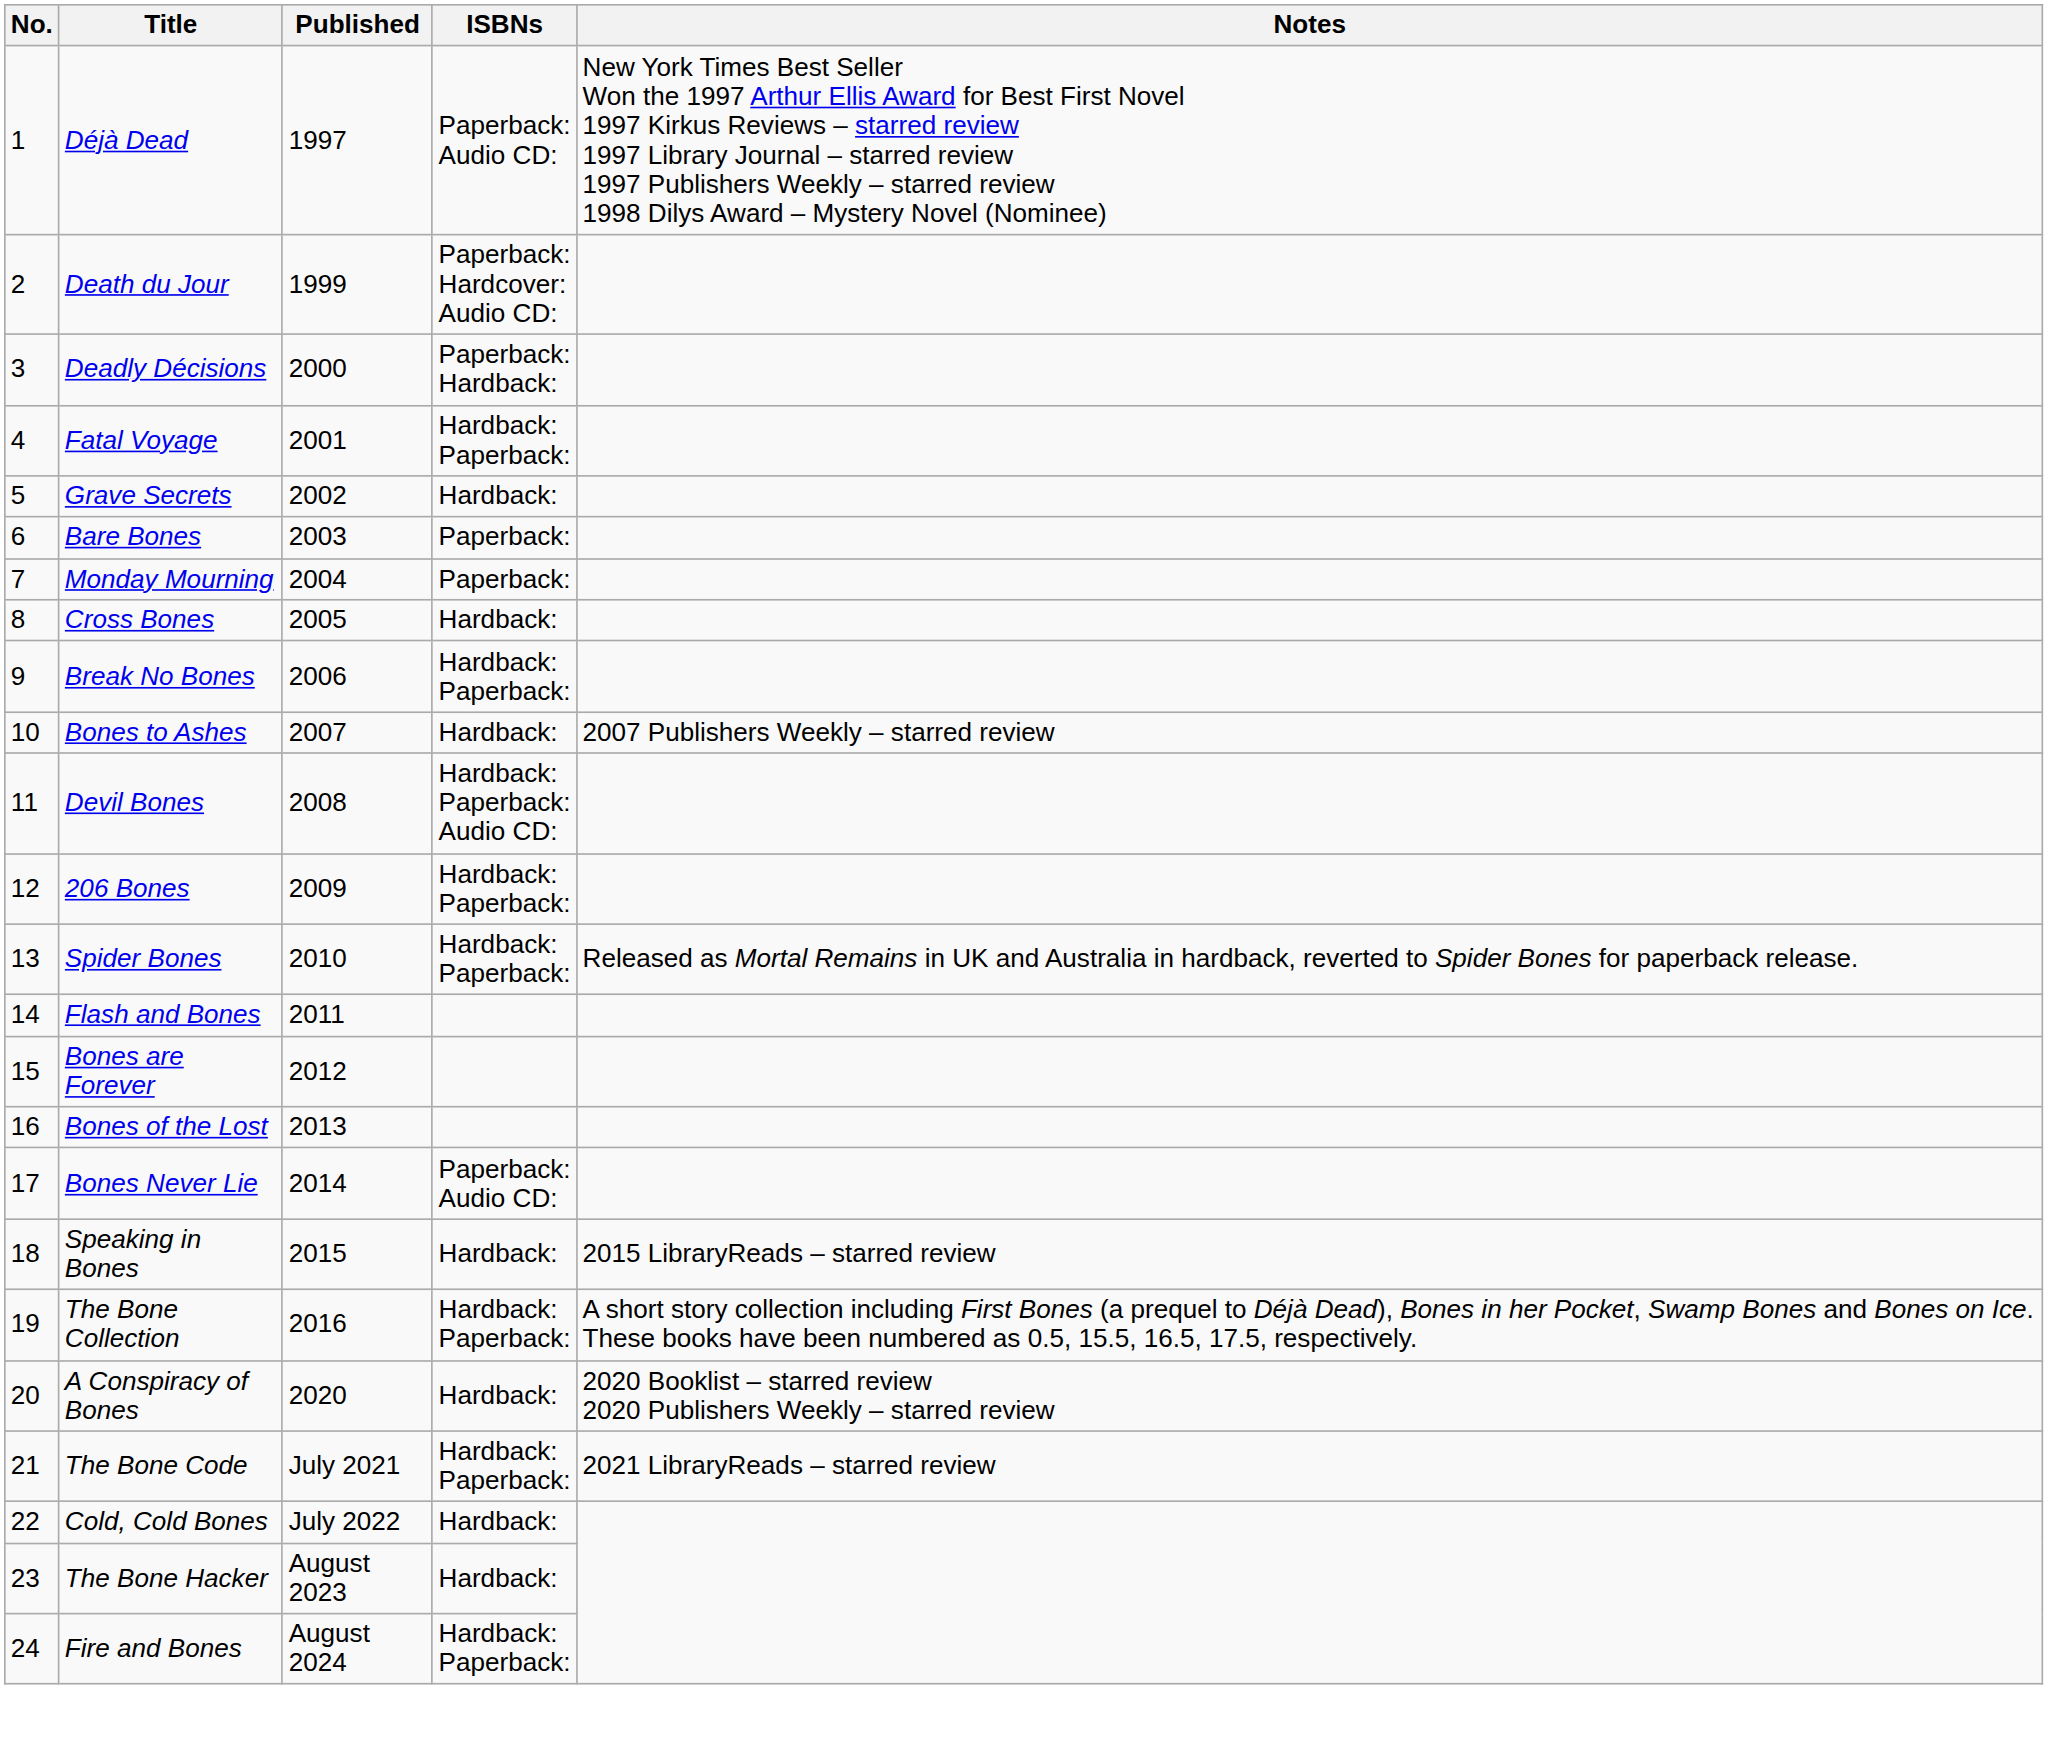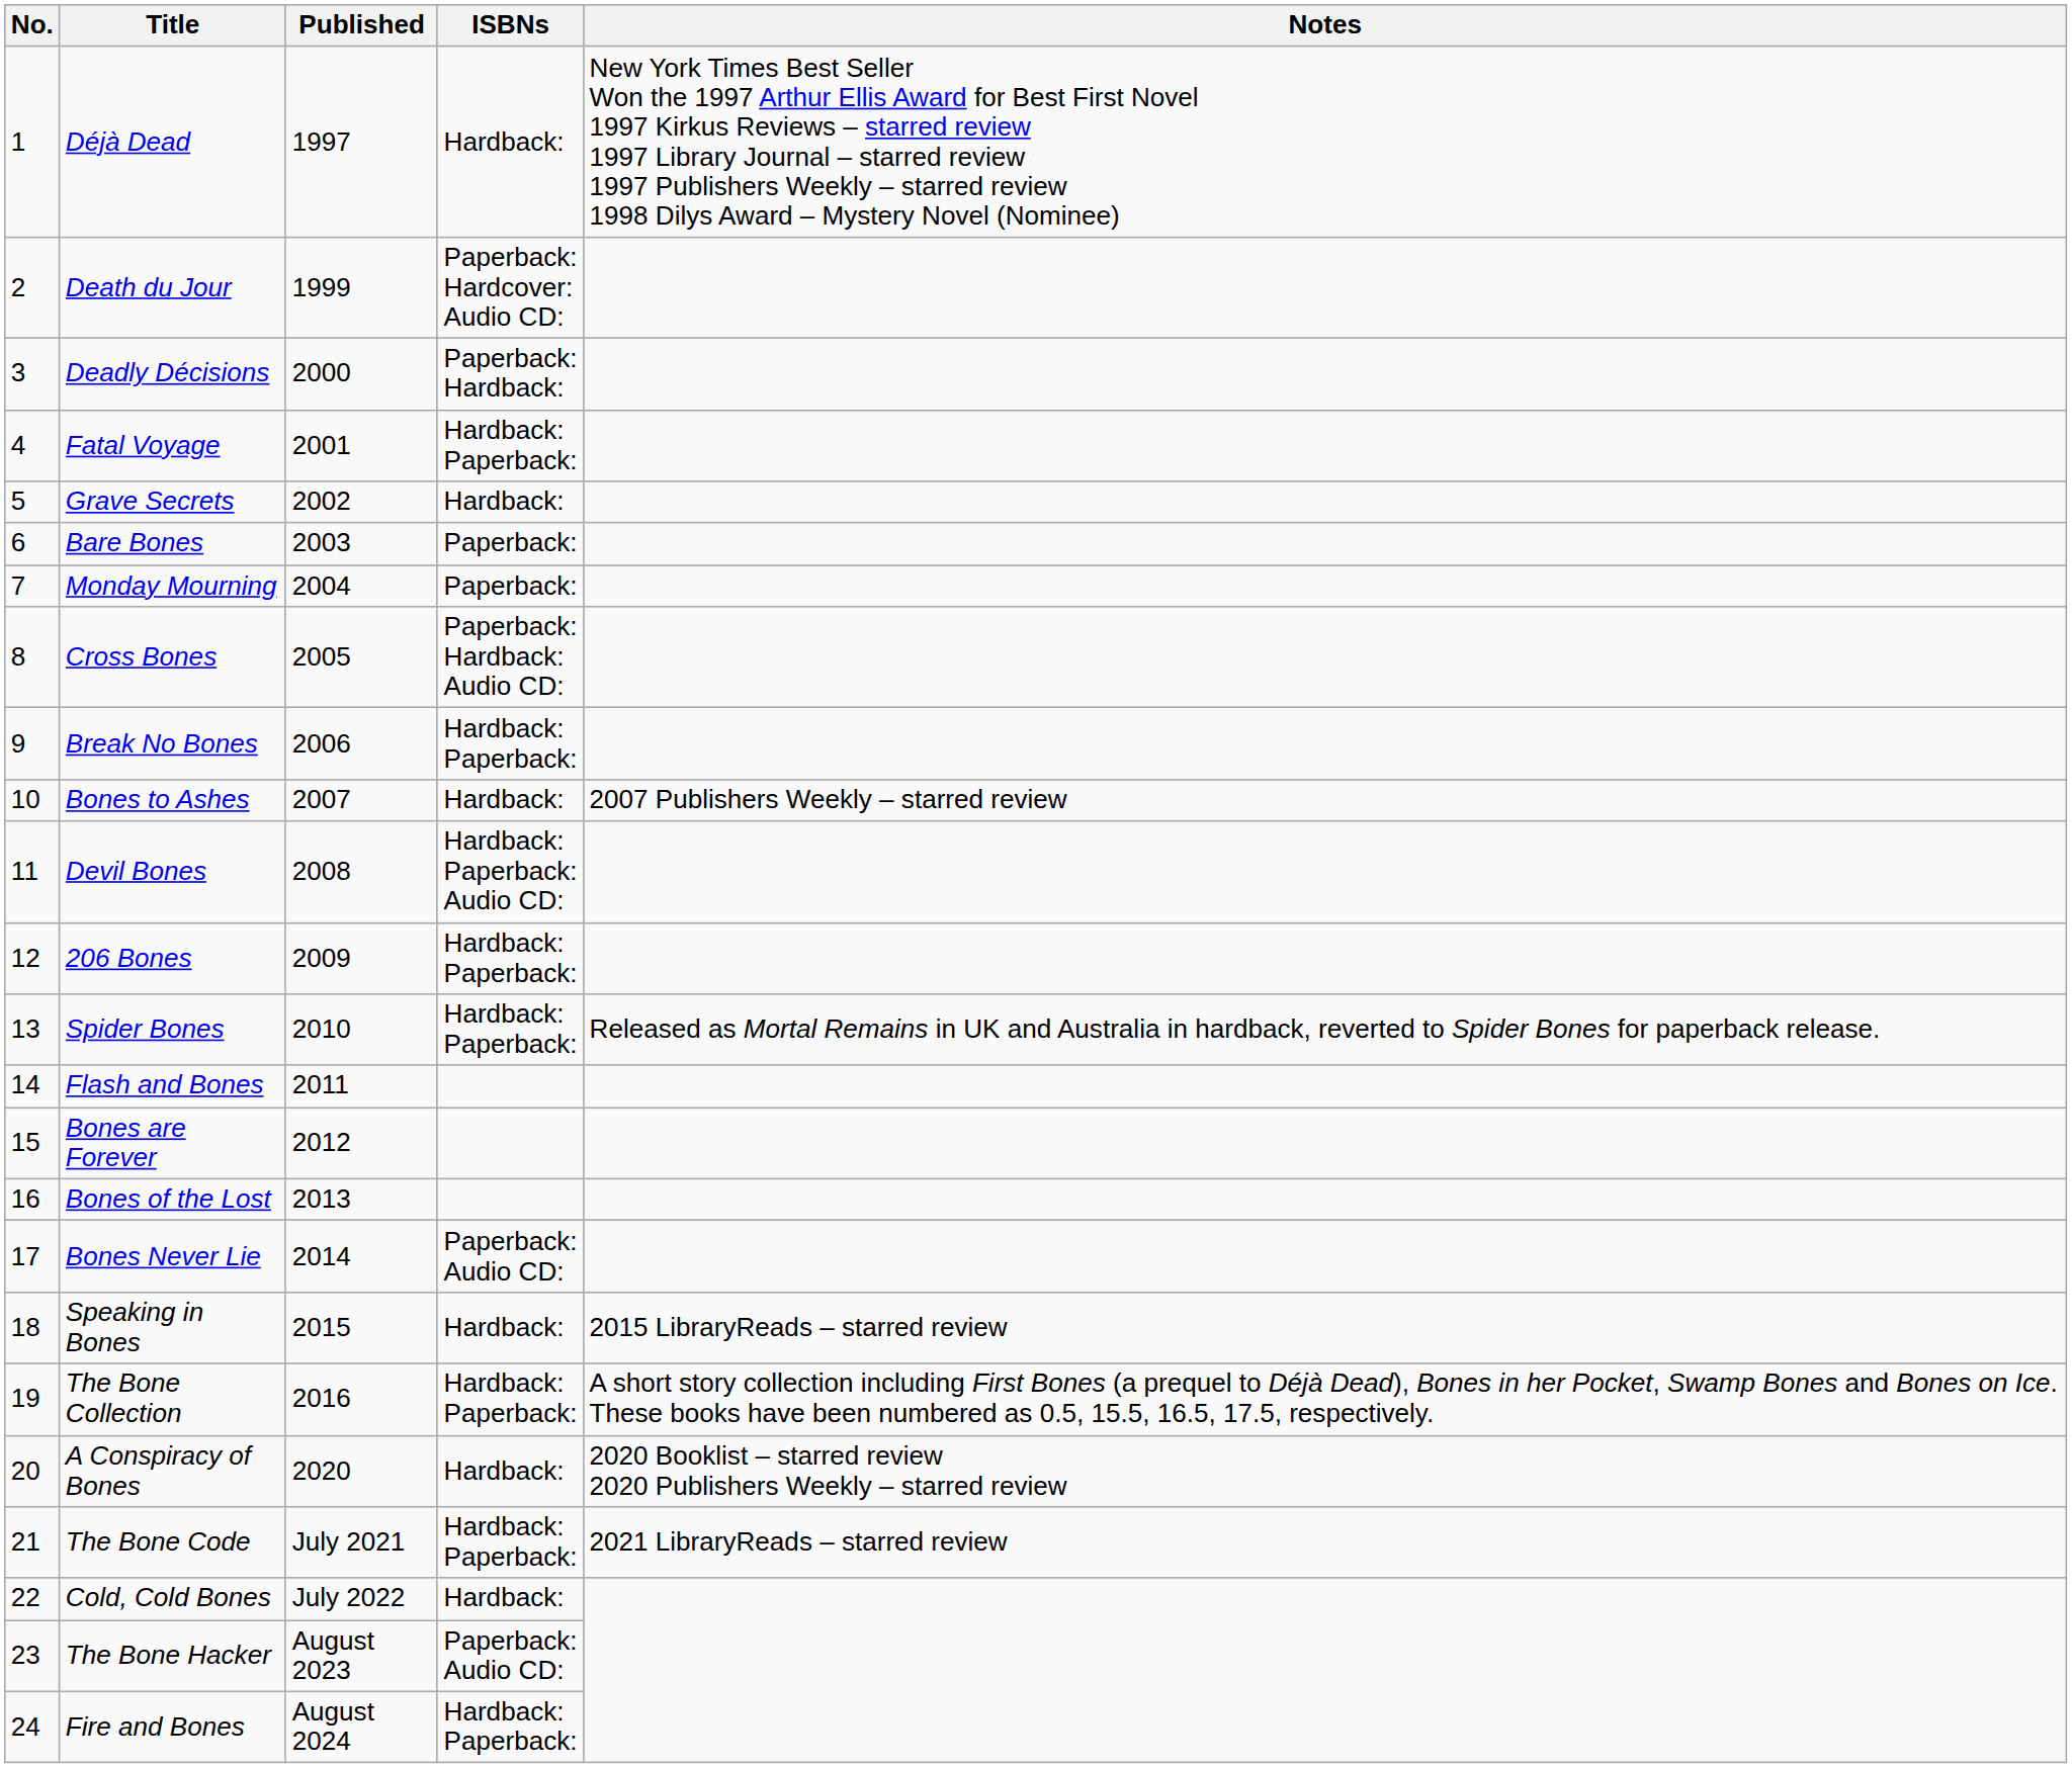 <table class="wikitable" style="width:99%;">
 <tr>
 <th>No.</th>
 <th>Title</th>
 <th>Published</th>
 <th>ISBNs</th>
 <th>Notes</th>
 </tr>
 <tr>
 <td>1</td>
 <td><em><a href='#'>Déjà Dead</a></em></td>
 <td>1997</td>
-<td>Paperback: <br>Audio CD: </td>
+<td>Hardback:<br></td>
 <td>New York Times Best Seller<br>Won the 1997 <a href='#'>Arthur Ellis Award</a> for Best First Novel<br>1997 Kirkus Reviews – <a href='#'>starred review</a><br>1997 Library Journal – starred review<br>1997 Publishers Weekly – starred review<br>1998 Dilys Award – Mystery Novel (Nominee)</td>
 </tr>
 <tr>
 <td>2</td>
 <td><em><a href='#'>Death du Jour</a></em></td>
 <td>1999</td>
 <td>Paperback: <br>Hardcover: <br>Audio CD: </td>
 <td></td>
 </tr>
 <tr>
 <td>3</td>
 <td><em><a href='#'>Deadly Décisions</a></em></td>
 <td>2000</td>
 <td>Paperback: <br>Hardback: </td>
 <td></td>
 </tr>
 <tr>
 <td>4</td>
 <td><em><a href='#'>Fatal Voyage</a></em></td>
 <td>2001</td>
 <td>Hardback:<br> Paperback: </td>
 <td></td>
 </tr>
 <tr>
 <td>5</td>
 <td><em><a href='#'>Grave Secrets</a></em></td>
 <td>2002</td>
 <td>Hardback:<br></td>
 <td></td>
 </tr>
 <tr>
 <td>6</td>
 <td><em><a href='#'>Bare Bones</a></em></td>
 <td>2003</td>
 <td>Paperback: </td>
 <td></td>
 </tr>
 <tr>
 <td>7</td>
 <td><em><a href='#'>Monday Mourning</a></em></td>
 <td>2004</td>
 <td>Paperback: </td>
 <td></td>
 </tr>
 <tr>
 <td>8</td>
 <td><em><a href='#'>Cross Bones</a></em></td>
 <td>2005</td>
-<td>Hardback:<br></td>
+<td>Paperback: <br>Hardback: <br>Audio CD: </td>
 <td></td>
 </tr>
 <tr>
 <td>9</td>
 <td><em><a href='#'>Break No Bones</a></em></td>
 <td>2006</td>
 <td>Hardback: <br>Paperback: </td>
 <td></td>
 </tr>
 <tr>
 <td>10</td>
 <td><em><a href='#'>Bones to Ashes</a></em></td>
 <td>2007</td>
 <td>Hardback:<br></td>
 <td>2007 Publishers Weekly – starred review</td>
 </tr>
 <tr>
 <td>11</td>
 <td><em><a href='#'>Devil Bones</a></em></td>
 <td>2008</td>
 <td>Hardback: <br>Paperback: <br>Audio CD: </td>
 <td></td>
 </tr>
 <tr>
 <td>12</td>
 <td><em><a href='#'>206 Bones</a></em></td>
 <td>2009</td>
 <td>Hardback: <br>Paperback: <br></td>
 <td></td>
 </tr>
 <tr>
 <td>13</td>
 <td><em><a href='#'>Spider Bones</a></em></td>
 <td>2010</td>
 <td>Hardback: <br>Paperback: <br></td>
 <td>Released as <em>Mortal Remains</em> in UK and Australia in hardback, reverted to <em>Spider Bones</em> for paperback release.</td>
 </tr>
 <tr>
 <td>14</td>
 <td><em><a href='#'>Flash and Bones</a></em></td>
 <td>2011</td>
 <td></td>
 <td></td>
 </tr>
 <tr>
 <td>15</td>
 <td><em><a href='#'>Bones are Forever</a></em></td>
 <td>2012</td>
 <td></td>
 <td></td>
 </tr>
 <tr>
 <td>16</td>
 <td><em><a href='#'>Bones of the Lost</a></em></td>
 <td>2013</td>
 <td></td>
 <td></td>
 </tr>
 <tr>
 <td>17</td>
 <td><em><a href='#'>Bones Never Lie</a></em></td>
 <td>2014</td>
 <td>Paperback: <br>Audio CD: </td>
 <td></td>
 </tr>
 <tr>
 <td>18</td>
 <td><em>Speaking in Bones</em></td>
 <td>2015</td>
 <td>Hardback: </td>
 <td>2015 LibraryReads – starred review</td>
 </tr>
 <tr>
 <td>19</td>
 <td><em>The Bone Collection</em></td>
 <td>2016</td>
 <td>Hardback: <br>Paperback: </td>
 <td>A short story collection including <em>First Bones</em> (a prequel to <em>Déjà Dead</em>), <em>Bones in her Pocket</em>, <em>Swamp Bones</em> and <em>Bones on Ice</em>. These books have been numbered as 0.5, 15.5, 16.5, 17.5, respectively.</td>
 </tr>
 <tr>
 <td>20</td>
 <td><em>A Conspiracy of Bones</em></td>
 <td>2020</td>
 <td>Hardback: </td>
 <td>2020 Booklist – starred review<br>2020 Publishers Weekly – starred review</td>
 </tr>
 <tr>
 <td>21</td>
 <td><em>The Bone Code</em></td>
 <td>July 2021</td>
 <td>Hardback:<br> Paperback: </td>
 <td>2021 LibraryReads – starred review</td>
 </tr>
 <tr>
 <td>22</td>
 <td><em>Cold, Cold Bones</em></td>
 <td>July 2022</td>
 <td>Hardback:<br></td>
 </tr>
 <tr>
 <td>23</td>
 <td><em>The Bone Hacker</em></td>
 <td>August 2023</td>
-<td>Hardback:<br></td>
+<td>Paperback: <br>Audio CD: </td>
 </tr>
 <tr>
 <td>24</td>
 <td><em>Fire and Bones</em></td>
 <td>August 2024</td>
 <td>Hardback: <br>Paperback: </td>
 </tr>
 </table>
